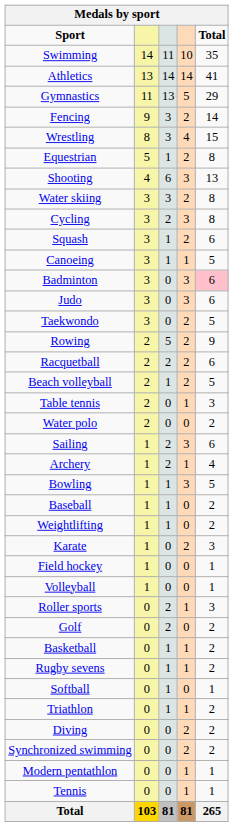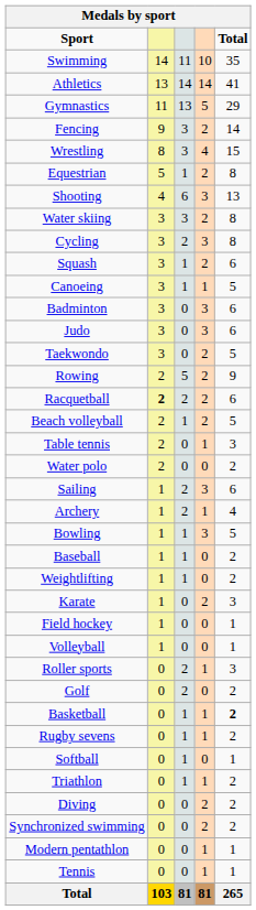 <table class="wikitable sortable" style="font-size:85%; float:right;">
 <tr style="background:#efefef;">
 <th colspan=7>Medals by sport</th>
 </tr>
 <tr align=center>
 <td><strong>Sport</strong></td>
 <td style="background:#f7f6a8;"></td>
 <td style="background:#dce5e5;"></td>
 <td style="background:#ffdab9;"></td>
 <td><strong>Total</strong></td>
 </tr>
 <tr align=center>
 <td><a href='#'>Swimming</a></td>
 <td style="background:#f7f6a8;">14</td>
 <td style="background:#dce5e5;">11</td>
 <td style="background:#ffdab9;">10</td>
 <td>35</td>
 </tr>
 <tr align=center>
 <td><a href='#'>Athletics</a></td>
 <td style="background:#f7f6a8;">13</td>
 <td style="background:#dce5e5;">14</td>
 <td style="background:#ffdab9;">14</td>
 <td>41</td>
 </tr>
 <tr align=center>
 <td><a href='#'>Gymnastics</a></td>
 <td style="background:#f7f6a8;">11</td>
 <td style="background:#dce5e5;">13</td>
 <td style="background:#ffdab9;">5</td>
 <td>29</td>
 </tr>
 <tr align=center>
 <td><a href='#'>Fencing</a></td>
 <td style="background:#f7f6a8;">9</td>
 <td style="background:#dce5e5;">3</td>
 <td style="background:#ffdab9;">2</td>
 <td>14</td>
 </tr>
 <tr align=center>
 <td><a href='#'>Wrestling</a></td>
 <td style="background:#f7f6a8;">8</td>
 <td style="background:#dce5e5;">3</td>
 <td style="background:#ffdab9;">4</td>
 <td>15</td>
 </tr>
 <tr align=center>
 <td><a href='#'>Equestrian</a></td>
 <td style="background:#f7f6a8;">5</td>
 <td style="background:#dce5e5;">1</td>
 <td style="background:#ffdab9;">2</td>
 <td>8</td>
 </tr>
 <tr align=center>
 <td><a href='#'>Shooting</a></td>
 <td style="background:#f7f6a8;">4</td>
 <td style="background:#dce5e5;">6</td>
 <td style="background:#ffdab9;">3</td>
 <td>13</td>
 </tr>
 <tr align=center>
 <td><a href='#'>Water skiing</a></td>
 <td style="background:#f7f6a8;">3</td>
 <td style="background:#dce5e5;">3</td>
 <td style="background:#ffdab9;">2</td>
 <td>8</td>
 </tr>
 <tr align=center>
 <td><a href='#'>Cycling</a></td>
 <td style="background:#f7f6a8;">3</td>
 <td style="background:#dce5e5;">2</td>
 <td style="background:#ffdab9;">3</td>
 <td>8</td>
 </tr>
 <tr align=center>
 <td><a href='#'>Squash</a></td>
 <td style="background:#f7f6a8;">3</td>
 <td style="background:#dce5e5;">1</td>
 <td style="background:#ffdab9;">2</td>
 <td>6</td>
 </tr>
 <tr align=center>
 <td><a href='#'>Canoeing</a></td>
 <td style="background:#f7f6a8;">3</td>
 <td style="background:#dce5e5;">1</td>
 <td style="background:#ffdab9;">1</td>
 <td>5</td>
 </tr>
 <tr align=center>
 <td><a href='#'>Badminton</a></td>
 <td style="background:#f7f6a8;">3</td>
 <td style="background:#dce5e5;">0</td>
 <td style="background:#ffdab9;">3</td>
-<td style="background: pink;">6</td>
+<td>6</td>
 </tr>
 <tr align=center>
 <td><a href='#'>Judo</a></td>
 <td style="background:#f7f6a8;">3</td>
 <td style="background:#dce5e5;">0</td>
 <td style="background:#ffdab9;">3</td>
 <td>6</td>
 </tr>
 <tr align=center>
 <td><a href='#'>Taekwondo</a></td>
 <td style="background:#f7f6a8;">3</td>
 <td style="background:#dce5e5;">0</td>
 <td style="background:#ffdab9;">2</td>
 <td>5</td>
 </tr>
 <tr align=center>
 <td><a href='#'>Rowing</a></td>
 <td style="background:#f7f6a8;">2</td>
 <td style="background:#dce5e5;">5</td>
 <td style="background:#ffdab9;">2</td>
 <td>9</td>
 </tr>
 <tr align=center>
 <td><a href='#'>Racquetball</a></td>
-<td style="background:#f7f6a8;">2</td>
+<td style="background:#f7f6a8;"><strong>2</strong></td>
 <td style="background:#dce5e5;">2</td>
 <td style="background:#ffdab9;">2</td>
 <td>6</td>
 </tr>
 <tr align=center>
 <td><a href='#'>Beach volleyball</a></td>
 <td style="background:#f7f6a8;">2</td>
 <td style="background:#dce5e5;">1</td>
 <td style="background:#ffdab9;">2</td>
 <td>5</td>
 </tr>
 <tr align=center>
 <td><a href='#'>Table tennis</a></td>
 <td style="background:#f7f6a8;">2</td>
 <td style="background:#dce5e5;">0</td>
 <td style="background:#ffdab9;">1</td>
 <td>3</td>
 </tr>
 <tr align=center>
 <td><a href='#'>Water polo</a></td>
 <td style="background:#f7f6a8;">2</td>
 <td style="background:#dce5e5;">0</td>
 <td style="background:#ffdab9;">0</td>
 <td>2</td>
 </tr>
 <tr align=center>
 <td><a href='#'>Sailing</a></td>
 <td style="background:#f7f6a8;">1</td>
 <td style="background:#dce5e5;">2</td>
 <td style="background:#ffdab9;">3</td>
 <td>6</td>
 </tr>
 <tr align=center>
 <td><a href='#'>Archery</a></td>
 <td style="background:#f7f6a8;">1</td>
 <td style="background:#dce5e5;">2</td>
 <td style="background:#ffdab9;">1</td>
 <td>4</td>
 </tr>
 <tr align=center>
 <td><a href='#'>Bowling</a></td>
 <td style="background:#f7f6a8;">1</td>
 <td style="background:#dce5e5;">1</td>
 <td style="background:#ffdab9;">3</td>
 <td>5</td>
 </tr>
 <tr align=center>
 <td><a href='#'>Baseball</a></td>
 <td style="background:#f7f6a8;">1</td>
 <td style="background:#dce5e5;">1</td>
 <td style="background:#ffdab9;">0</td>
 <td>2</td>
 </tr>
 <tr align=center>
 <td><a href='#'>Weightlifting</a></td>
 <td style="background:#f7f6a8;">1</td>
 <td style="background:#dce5e5;">1</td>
 <td style="background:#ffdab9;">0</td>
 <td>2</td>
 </tr>
 <tr align=center>
 <td><a href='#'>Karate</a></td>
 <td style="background:#f7f6a8;">1</td>
 <td style="background:#dce5e5;">0</td>
 <td style="background:#ffdab9;">2</td>
 <td>3</td>
 </tr>
 <tr align=center>
 <td><a href='#'>Field hockey</a></td>
 <td style="background:#f7f6a8;">1</td>
 <td style="background:#dce5e5;">0</td>
 <td style="background:#ffdab9;">0</td>
 <td>1</td>
 </tr>
 <tr align=center>
 <td><a href='#'>Volleyball</a></td>
 <td style="background:#f7f6a8;">1</td>
 <td style="background:#dce5e5;">0</td>
 <td style="background:#ffdab9;">0</td>
 <td>1</td>
 </tr>
 <tr align=center>
 <td><a href='#'>Roller sports</a></td>
 <td style="background:#f7f6a8;">0</td>
 <td style="background:#dce5e5;">2</td>
 <td style="background:#ffdab9;">1</td>
 <td>3</td>
 </tr>
 <tr align=center>
 <td><a href='#'>Golf</a></td>
 <td style="background:#f7f6a8;">0</td>
 <td style="background:#dce5e5;">2</td>
 <td style="background:#ffdab9;">0</td>
 <td>2</td>
 </tr>
 <tr align=center>
 <td><a href='#'>Basketball</a></td>
 <td style="background:#f7f6a8;">0</td>
 <td style="background:#dce5e5;">1</td>
 <td style="background:#ffdab9;">1</td>
-<td>2</td>
+<td><strong>2</strong></td>
 </tr>
 <tr align=center>
 <td><a href='#'>Rugby sevens</a></td>
 <td style="background:#f7f6a8;">0</td>
 <td style="background:#dce5e5;">1</td>
 <td style="background:#ffdab9;">1</td>
 <td>2</td>
 </tr>
 <tr align=center>
 <td><a href='#'>Softball</a></td>
 <td style="background:#f7f6a8;">0</td>
 <td style="background:#dce5e5;">1</td>
 <td style="background:#ffdab9;">0</td>
 <td>1</td>
 </tr>
 <tr align=center>
 <td><a href='#'>Triathlon</a></td>
 <td style="background:#f7f6a8;">0</td>
 <td style="background:#dce5e5;">1</td>
 <td style="background:#ffdab9;">1</td>
 <td>2</td>
 </tr>
 <tr align=center>
 <td><a href='#'>Diving</a></td>
 <td style="background:#f7f6a8;">0</td>
 <td style="background:#dce5e5;">0</td>
 <td style="background:#ffdab9;">2</td>
 <td>2</td>
 </tr>
 <tr align=center>
 <td><a href='#'>Synchronized swimming</a></td>
 <td style="background:#f7f6a8;">0</td>
 <td style="background:#dce5e5;">0</td>
 <td style="background:#ffdab9;">2</td>
 <td>2</td>
 </tr>
 <tr align=center>
 <td><a href='#'>Modern pentathlon</a></td>
 <td style="background:#f7f6a8;">0</td>
 <td style="background:#dce5e5;">0</td>
 <td style="background:#ffdab9;">1</td>
 <td>1</td>
 </tr>
 <tr align=center>
 <td><a href='#'>Tennis</a></td>
 <td style="background:#f7f6a8;">0</td>
 <td style="background:#dce5e5;">0</td>
 <td style="background:#ffdab9;">1</td>
 <td>1</td>
 </tr>
 <tr align=center>
 <th>Total</th>
 <th style="background:gold;">103</th>
 <th style="background:silver;">81</th>
 <th style="background:#c96;">81</th>
 <th>265</th>
 </tr>
 </table>
